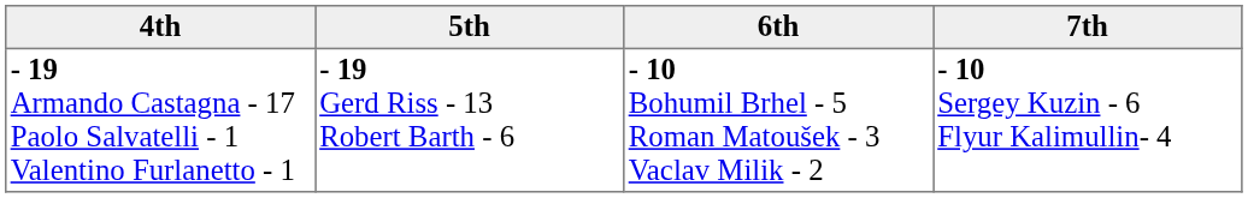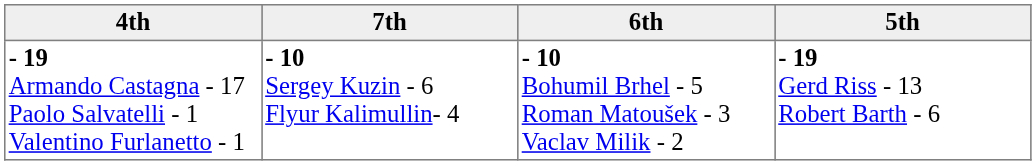 <table border="1" cellpadding="2" cellspacing="0"  style="width:75%; border-collapse:collapse;">
 <tr style="text-align:left; background:#efefef;">
 <th style="width:15%; text-align:center;">4th</th>
+<th style="width:15%; text-align:center;">7th</th>
+<th style="width:15%; text-align:center;">6th</th>
 <th style="width:15%; text-align:center;">5th</th>
-<th style="width:15%; text-align:center;">6th</th>
-<th style="width:15%; text-align:center;">7th</th>
 </tr>
 <tr align=left>
 <td valign=top align=left><strong> - 19</strong><br><a href='#'>Armando Castagna</a> - 17<br><a href='#'>Paolo Salvatelli</a> - 1<br><a href='#'>Valentino Furlanetto</a> - 1</td>
+<td valign=top align=left><strong> - 10</strong><br><a href='#'>Sergey Kuzin</a> - 6<br><a href='#'>Flyur Kalimullin</a>- 4</td>
+<td valign=top align=left><strong> - 10</strong><br><a href='#'>Bohumil Brhel</a> - 5<br><a href='#'>Roman Matoušek</a> - 3<br><a href='#'>Vaclav Milik</a> - 2</td>
 <td valign=top align=left><strong> - 19</strong><br><a href='#'>Gerd Riss</a> - 13<br><a href='#'>Robert Barth</a> - 6</td>
-<td valign=top align=left><strong> - 10</strong><br><a href='#'>Bohumil Brhel</a> - 5<br><a href='#'>Roman Matoušek</a> - 3<br><a href='#'>Vaclav Milik</a> - 2</td>
-<td valign=top align=left><strong> - 10</strong><br><a href='#'>Sergey Kuzin</a> - 6<br><a href='#'>Flyur Kalimullin</a>- 4</td>
 </tr>
 </table>
